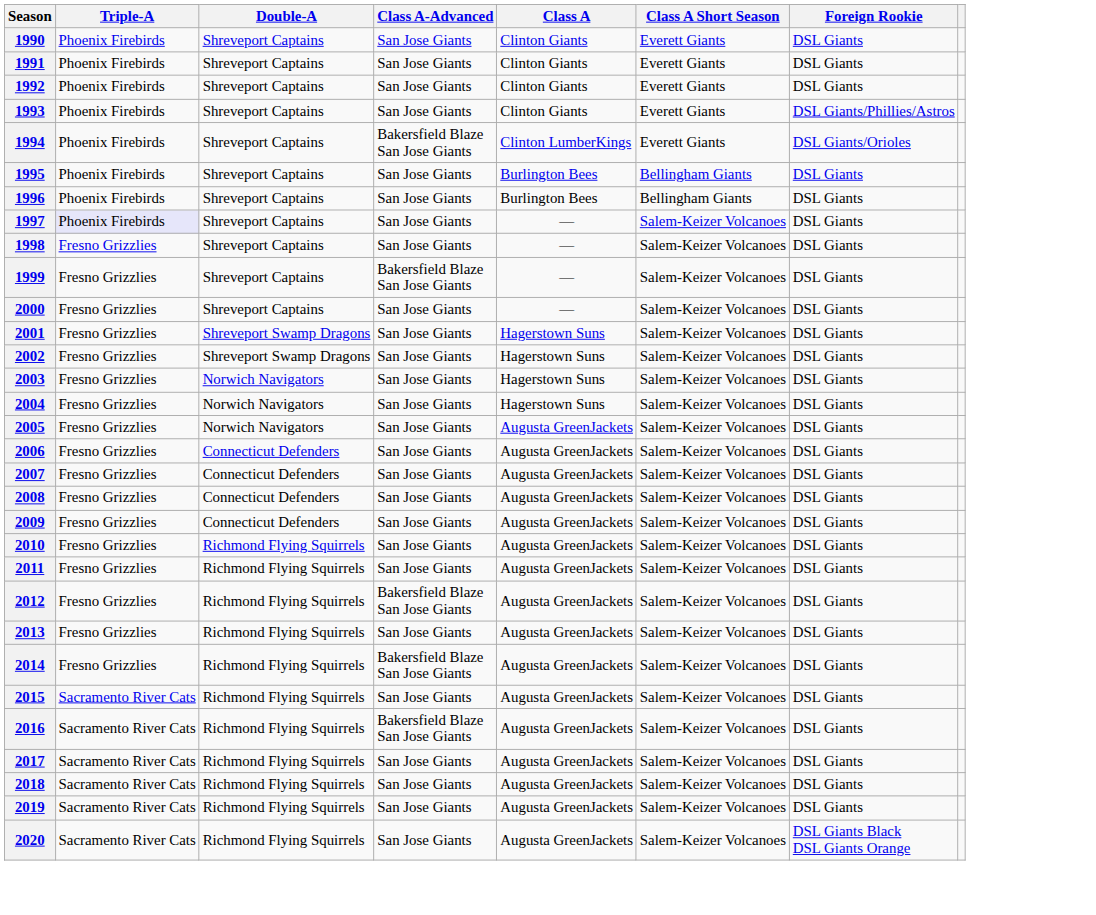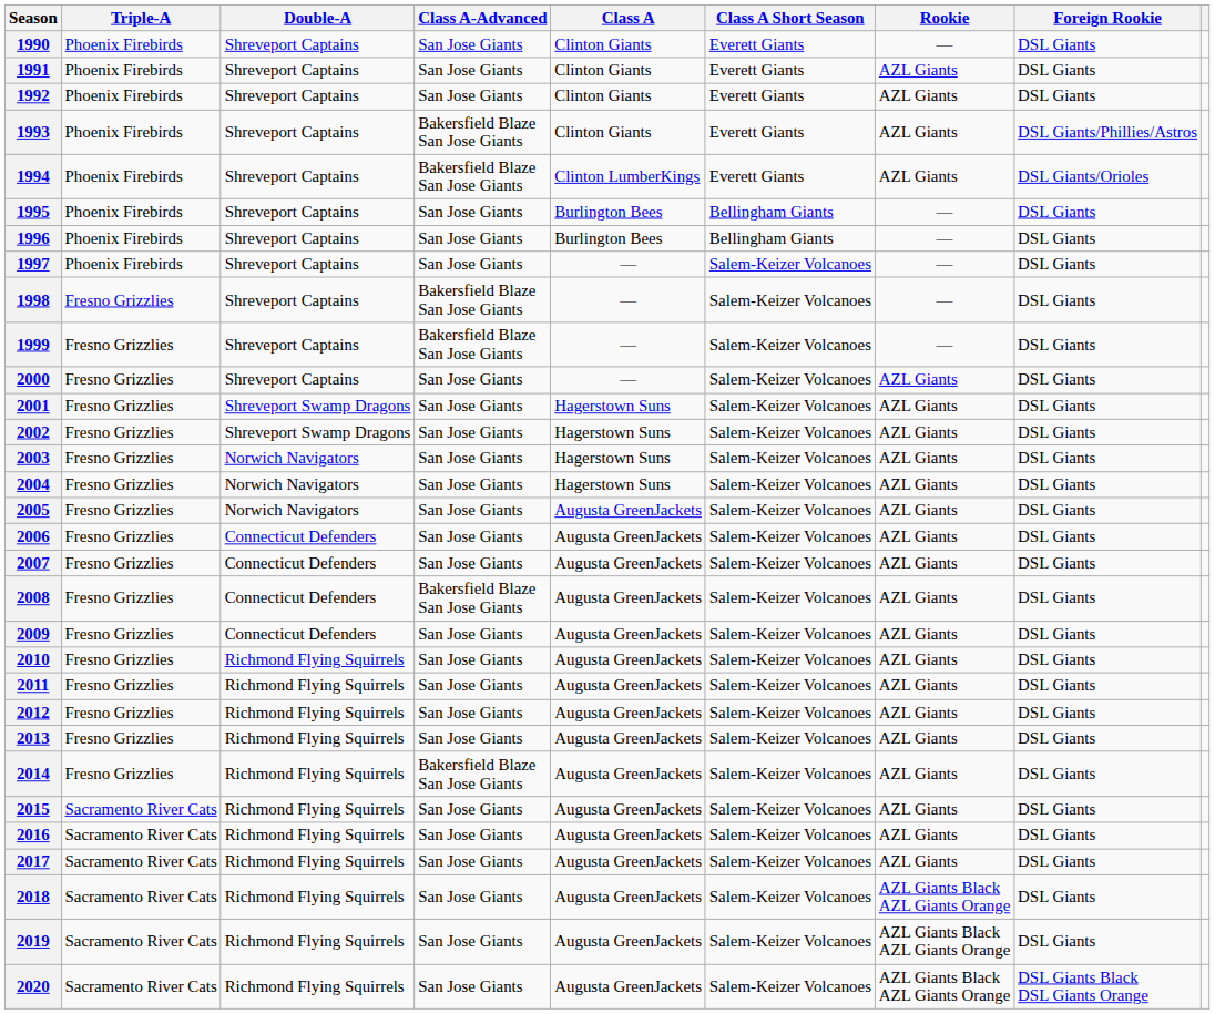 <table class="wikitable plainrowheaders">
 <tr>
 <th scope="col">Season</th>
 <th scope="col"><a href='#'><span>Triple-A</span></a></th>
 <th scope="col"><a href='#'><span>Double-A</span></a></th>
 <th scope="col"><a href='#'><span>Class A-Advanced</span></a></th>
 <th scope="col"><a href='#'><span>Class A</span></a></th>
 <th scope="col"><a href='#'><span>Class A Short Season</span></a></th>
+<th scope="col"><a href='#'><span>Rookie</span></a></th>
 <th scope="col"><a href='#'><span>Foreign Rookie</span></a></th>
 <th scope="col"></th>
 </tr>
 <tr>
 <th scope="row" style="text-align:center"><a href='#'>1990</a></th>
 <td><a href='#'>Phoenix Firebirds</a></td>
 <td><a href='#'>Shreveport Captains</a></td>
 <td><a href='#'>San Jose Giants</a></td>
 <td><a href='#'>Clinton Giants</a></td>
 <td><a href='#'>Everett Giants</a></td>
+<td align="center">—</td>
 <td><a href='#'>DSL Giants</a></td>
 <td align="center"></td>
 </tr>
 <tr>
 <th scope="row" style="text-align:center"><a href='#'>1991</a></th>
 <td>Phoenix Firebirds</td>
 <td>Shreveport Captains</td>
 <td>San Jose Giants</td>
 <td>Clinton Giants</td>
 <td>Everett Giants</td>
+<td><a href='#'>AZL Giants</a></td>
 <td>DSL Giants</td>
 <td align="center"></td>
 </tr>
 <tr>
 <th scope="row" style="text-align:center"><a href='#'>1992</a></th>
 <td>Phoenix Firebirds</td>
 <td>Shreveport Captains</td>
 <td>San Jose Giants</td>
 <td>Clinton Giants</td>
 <td>Everett Giants</td>
+<td>AZL Giants</td>
 <td>DSL Giants</td>
 <td align="center"></td>
 </tr>
 <tr>
 <th scope="row" style="text-align:center"><a href='#'>1993</a></th>
 <td>Phoenix Firebirds</td>
 <td>Shreveport Captains</td>
-<td>San Jose Giants</td>
+<td>Bakersfield Blaze<br>San Jose Giants</td>
 <td>Clinton Giants</td>
 <td>Everett Giants</td>
+<td>AZL Giants</td>
 <td><a href='#'>DSL Giants/Phillies/Astros</a></td>
 <td align="center"></td>
 </tr>
 <tr>
 <th scope="row" style="text-align:center"><a href='#'>1994</a></th>
 <td>Phoenix Firebirds</td>
 <td>Shreveport Captains</td>
 <td>Bakersfield Blaze<br>San Jose Giants</td>
 <td><a href='#'>Clinton LumberKings</a></td>
 <td>Everett Giants</td>
+<td>AZL Giants</td>
 <td><a href='#'>DSL Giants/Orioles</a></td>
 <td align="center"></td>
 </tr>
 <tr>
 <th scope="row" style="text-align:center"><a href='#'>1995</a></th>
 <td>Phoenix Firebirds</td>
 <td>Shreveport Captains</td>
 <td>San Jose Giants</td>
 <td><a href='#'>Burlington Bees</a></td>
 <td><a href='#'>Bellingham Giants</a></td>
+<td align="center">—</td>
 <td><a href='#'>DSL Giants</a></td>
 <td align="center"></td>
 </tr>
 <tr>
 <th scope="row" style="text-align:center"><a href='#'>1996</a></th>
 <td>Phoenix Firebirds</td>
 <td>Shreveport Captains</td>
 <td>San Jose Giants</td>
 <td>Burlington Bees</td>
 <td>Bellingham Giants</td>
+<td align="center">—</td>
 <td>DSL Giants</td>
 <td align="center"></td>
 </tr>
 <tr>
 <th scope="row" style="text-align:center"><a href='#'>1997</a></th>
-<td style="background: lavender;">Phoenix Firebirds</td>
+<td>Phoenix Firebirds</td>
 <td>Shreveport Captains</td>
 <td>San Jose Giants</td>
 <td align="center">—</td>
 <td><a href='#'>Salem-Keizer Volcanoes</a></td>
+<td align="center">—</td>
 <td>DSL Giants</td>
 <td align="center"></td>
 </tr>
 <tr>
 <th scope="row" style="text-align:center"><a href='#'>1998</a></th>
 <td><a href='#'>Fresno Grizzlies</a></td>
 <td>Shreveport Captains</td>
-<td>San Jose Giants</td>
+<td>Bakersfield Blaze<br>San Jose Giants</td>
 <td align="center">—</td>
 <td>Salem-Keizer Volcanoes</td>
+<td align="center">—</td>
 <td>DSL Giants</td>
 <td align="center"></td>
 </tr>
 <tr>
 <th scope="row" style="text-align:center"><a href='#'>1999</a></th>
 <td>Fresno Grizzlies</td>
 <td>Shreveport Captains</td>
 <td>Bakersfield Blaze<br>San Jose Giants</td>
 <td align="center">—</td>
 <td>Salem-Keizer Volcanoes</td>
+<td align="center">—</td>
 <td>DSL Giants</td>
 <td align="center"></td>
 </tr>
 <tr>
 <th scope="row" style="text-align:center"><a href='#'>2000</a></th>
 <td>Fresno Grizzlies</td>
 <td>Shreveport Captains</td>
 <td>San Jose Giants</td>
 <td align="center">—</td>
 <td>Salem-Keizer Volcanoes</td>
+<td><a href='#'>AZL Giants</a></td>
 <td>DSL Giants</td>
 <td align="center"></td>
 </tr>
 <tr>
 <th scope="row" style="text-align:center"><a href='#'>2001</a></th>
 <td>Fresno Grizzlies</td>
 <td><a href='#'>Shreveport Swamp Dragons</a></td>
 <td>San Jose Giants</td>
 <td><a href='#'>Hagerstown Suns</a></td>
 <td>Salem-Keizer Volcanoes</td>
+<td>AZL Giants</td>
 <td>DSL Giants</td>
 <td align="center"></td>
 </tr>
 <tr>
 <th scope="row" style="text-align:center"><a href='#'>2002</a></th>
 <td>Fresno Grizzlies</td>
 <td>Shreveport Swamp Dragons</td>
 <td>San Jose Giants</td>
 <td>Hagerstown Suns</td>
 <td>Salem-Keizer Volcanoes</td>
+<td>AZL Giants</td>
 <td>DSL Giants</td>
 <td align="center"></td>
 </tr>
 <tr>
 <th scope="row" style="text-align:center"><a href='#'>2003</a></th>
 <td>Fresno Grizzlies</td>
 <td><a href='#'>Norwich Navigators</a></td>
 <td>San Jose Giants</td>
 <td>Hagerstown Suns</td>
 <td>Salem-Keizer Volcanoes</td>
+<td>AZL Giants</td>
 <td>DSL Giants</td>
 <td align="center"></td>
 </tr>
 <tr>
 <th scope="row" style="text-align:center"><a href='#'>2004</a></th>
 <td>Fresno Grizzlies</td>
 <td>Norwich Navigators</td>
 <td>San Jose Giants</td>
 <td>Hagerstown Suns</td>
 <td>Salem-Keizer Volcanoes</td>
+<td>AZL Giants</td>
 <td>DSL Giants</td>
 <td align="center"></td>
 </tr>
 <tr>
 <th scope="row" style="text-align:center"><a href='#'>2005</a></th>
 <td>Fresno Grizzlies</td>
 <td>Norwich Navigators</td>
 <td>San Jose Giants</td>
 <td><a href='#'>Augusta GreenJackets</a></td>
 <td>Salem-Keizer Volcanoes</td>
+<td>AZL Giants</td>
 <td>DSL Giants</td>
 <td align="center"></td>
 </tr>
 <tr>
 <th scope="row" style="text-align:center"><a href='#'>2006</a></th>
 <td>Fresno Grizzlies</td>
 <td><a href='#'>Connecticut Defenders</a></td>
 <td>San Jose Giants</td>
 <td>Augusta GreenJackets</td>
 <td>Salem-Keizer Volcanoes</td>
+<td>AZL Giants</td>
 <td>DSL Giants</td>
 <td align="center"></td>
 </tr>
 <tr>
 <th scope="row" style="text-align:center"><a href='#'>2007</a></th>
 <td>Fresno Grizzlies</td>
 <td>Connecticut Defenders</td>
 <td>San Jose Giants</td>
 <td>Augusta GreenJackets</td>
 <td>Salem-Keizer Volcanoes</td>
+<td>AZL Giants</td>
 <td>DSL Giants</td>
 <td align="center"></td>
 </tr>
 <tr>
 <th scope="row" style="text-align:center"><a href='#'>2008</a></th>
 <td>Fresno Grizzlies</td>
 <td>Connecticut Defenders</td>
-<td>San Jose Giants</td>
+<td>Bakersfield Blaze<br>San Jose Giants</td>
 <td>Augusta GreenJackets</td>
 <td>Salem-Keizer Volcanoes</td>
+<td>AZL Giants</td>
 <td>DSL Giants</td>
 <td align="center"></td>
 </tr>
 <tr>
 <th scope="row" style="text-align:center"><a href='#'>2009</a></th>
 <td>Fresno Grizzlies</td>
 <td>Connecticut Defenders</td>
 <td>San Jose Giants</td>
 <td>Augusta GreenJackets</td>
 <td>Salem-Keizer Volcanoes</td>
+<td>AZL Giants</td>
 <td>DSL Giants</td>
 <td align="center"></td>
 </tr>
 <tr>
 <th scope="row" style="text-align:center"><a href='#'>2010</a></th>
 <td>Fresno Grizzlies</td>
 <td><a href='#'>Richmond Flying Squirrels</a></td>
 <td>San Jose Giants</td>
 <td>Augusta GreenJackets</td>
 <td>Salem-Keizer Volcanoes</td>
+<td>AZL Giants</td>
 <td>DSL Giants</td>
 <td align="center"></td>
 </tr>
 <tr>
 <th scope="row" style="text-align:center"><a href='#'>2011</a></th>
 <td>Fresno Grizzlies</td>
 <td>Richmond Flying Squirrels</td>
 <td>San Jose Giants</td>
 <td>Augusta GreenJackets</td>
 <td>Salem-Keizer Volcanoes</td>
+<td>AZL Giants</td>
 <td>DSL Giants</td>
 <td align="center"></td>
 </tr>
 <tr>
 <th scope="row" style="text-align:center"><a href='#'>2012</a></th>
 <td>Fresno Grizzlies</td>
 <td>Richmond Flying Squirrels</td>
-<td>Bakersfield Blaze<br>San Jose Giants</td>
+<td>San Jose Giants</td>
 <td>Augusta GreenJackets</td>
 <td>Salem-Keizer Volcanoes</td>
+<td>AZL Giants</td>
 <td>DSL Giants</td>
 <td align="center"></td>
 </tr>
 <tr>
 <th scope="row" style="text-align:center"><a href='#'>2013</a></th>
 <td>Fresno Grizzlies</td>
 <td>Richmond Flying Squirrels</td>
 <td>San Jose Giants</td>
 <td>Augusta GreenJackets</td>
 <td>Salem-Keizer Volcanoes</td>
+<td>AZL Giants</td>
 <td>DSL Giants</td>
 <td align="center"></td>
 </tr>
 <tr>
 <th scope="row" style="text-align:center"><a href='#'>2014</a></th>
 <td>Fresno Grizzlies</td>
 <td>Richmond Flying Squirrels</td>
 <td>Bakersfield Blaze<br>San Jose Giants</td>
 <td>Augusta GreenJackets</td>
 <td>Salem-Keizer Volcanoes</td>
+<td>AZL Giants</td>
 <td>DSL Giants</td>
 <td align="center"></td>
 </tr>
 <tr>
 <th scope="row" style="text-align:center"><a href='#'>2015</a></th>
 <td><a href='#'>Sacramento River Cats</a></td>
 <td>Richmond Flying Squirrels</td>
 <td>San Jose Giants</td>
 <td>Augusta GreenJackets</td>
 <td>Salem-Keizer Volcanoes</td>
+<td>AZL Giants</td>
 <td>DSL Giants</td>
 <td align="center"></td>
 </tr>
 <tr>
 <th scope="row" style="text-align:center"><a href='#'>2016</a></th>
 <td>Sacramento River Cats</td>
 <td>Richmond Flying Squirrels</td>
-<td>Bakersfield Blaze<br>San Jose Giants</td>
+<td>San Jose Giants</td>
 <td>Augusta GreenJackets</td>
 <td>Salem-Keizer Volcanoes</td>
+<td>AZL Giants</td>
 <td>DSL Giants</td>
 <td align="center"></td>
 </tr>
 <tr>
 <th scope="row" style="text-align:center"><a href='#'>2017</a></th>
 <td>Sacramento River Cats</td>
 <td>Richmond Flying Squirrels</td>
 <td>San Jose Giants</td>
 <td>Augusta GreenJackets</td>
 <td>Salem-Keizer Volcanoes</td>
+<td>AZL Giants</td>
 <td>DSL Giants</td>
 <td align="center"></td>
 </tr>
 <tr>
 <th scope="row" style="text-align:center"><a href='#'>2018</a></th>
 <td>Sacramento River Cats</td>
 <td>Richmond Flying Squirrels</td>
 <td>San Jose Giants</td>
 <td>Augusta GreenJackets</td>
 <td>Salem-Keizer Volcanoes</td>
+<td><a href='#'>AZL Giants Black</a><br><a href='#'>AZL Giants Orange</a></td>
 <td>DSL Giants</td>
 <td align="center"></td>
 </tr>
 <tr>
 <th scope="row" style="text-align:center"><a href='#'>2019</a></th>
 <td>Sacramento River Cats</td>
 <td>Richmond Flying Squirrels</td>
 <td>San Jose Giants</td>
 <td>Augusta GreenJackets</td>
 <td>Salem-Keizer Volcanoes</td>
+<td>AZL Giants Black<br>AZL Giants Orange</td>
 <td>DSL Giants</td>
 <td align="center"></td>
 </tr>
 <tr>
 <th scope="row" style="text-align:center"><a href='#'>2020</a></th>
 <td>Sacramento River Cats</td>
 <td>Richmond Flying Squirrels</td>
 <td>San Jose Giants</td>
 <td>Augusta GreenJackets</td>
 <td>Salem-Keizer Volcanoes</td>
+<td>AZL Giants Black<br>AZL Giants Orange</td>
 <td><a href='#'>DSL Giants Black</a><br><a href='#'>DSL Giants Orange</a></td>
 <td align="center"></td>
 </tr>
 </table>
